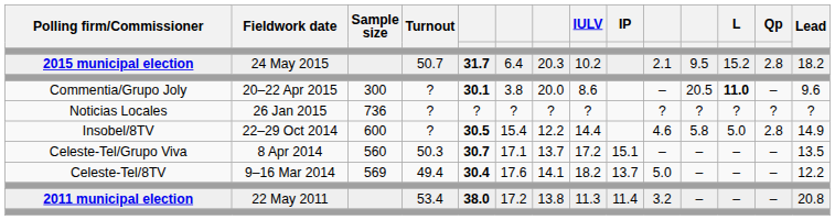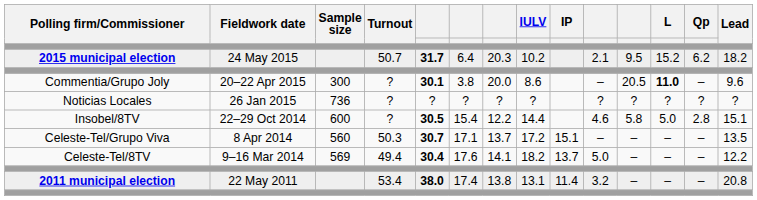 <table class="wikitable collapsible collapsed" style="text-align:center; font-size:95%; line-height:16px;">
 <tr style="height:42px;">
 <th style="width:250px;" rowspan="2">Polling firm/Commissioner</th>
 <th style="width:125px;" rowspan="2">Fieldwork date</th>
 <th style="width:50px;" rowspan="2">Sample size</th>
 <th style="width:45px;" rowspan="2">Turnout</th>
 <th style="width:35px;"></th>
 <th style="width:35px;"></th>
 <th style="width:35px;"></th>
 <th style="width:35px;"><a href='#'>IULV</a></th>
 <th style="width:35px;">IP</th>
 <th style="width:35px;"></th>
 <th style="width:35px;"></th>
 <th style="width:35px;">L</th>
 <th style="width:35px;">Qp</th>
 <th style="width:30px;" rowspan="2">Lead</th>
 </tr>
 <tr>
 <th style="color:inherit;background:"></th>
 <th style="color:inherit;background:"></th>
 <th style="color:inherit;background:"></th>
 <th style="color:inherit;background:"></th>
 <th style="color:inherit;background:"></th>
 <th style="color:inherit;background:"></th>
 <th style="color:inherit;background:"></th>
 <th style="color:inherit;background:"></th>
 <th style="color:inherit;background:"></th>
 </tr>
 <tr>
 <td colspan="14" style="background:#A0A0A0"></td>
 </tr>
 <tr style="background:#EFEFEF;">
 <td><strong><a href='#'>2015 municipal election</a></strong></td>
 <td>24 May 2015</td>
 <td></td>
 <td>50.7</td>
 <td><strong>31.7</strong><br></td>
 <td>6.4<br></td>
 <td>20.3<br></td>
 <td>10.2<br></td>
 <td></td>
 <td>2.1<br></td>
 <td>9.5<br></td>
 <td>15.2<br></td>
-<td>2.8<br></td>
+<td>6.2<br></td>
 <td style="background:">18.2</td>
 </tr>
 <tr>
 <td colspan="14" style="background:#A0A0A0"></td>
 </tr>
 <tr>
 <td>Commentia/Grupo Joly</td>
 <td>20–22 Apr 2015</td>
 <td>300</td>
 <td>?</td>
 <td><strong>30.1</strong><br></td>
 <td>3.8<br></td>
 <td>20.0<br></td>
 <td>8.6<br></td>
 <td></td>
 <td>–</td>
 <td>20.5<br></td>
 <td><strong>11.0<br></strong></td>
 <td>–</td>
 <td style="background:">9.6</td>
 </tr>
 <tr>
 <td>Noticias Locales</td>
 <td>26 Jan 2015</td>
 <td>736</td>
 <td>?</td>
 <td>?<br></td>
 <td>?<br></td>
 <td>?<br></td>
 <td>?<br></td>
 <td></td>
 <td>?<br></td>
 <td>?<br></td>
 <td>?<br></td>
 <td>?<br></td>
 <td style="background:">?</td>
 </tr>
 <tr>
 <td>Insobel/8TV</td>
 <td>22–29 Oct 2014</td>
 <td>600</td>
 <td>?</td>
 <td><strong>30.5</strong><br></td>
 <td>15.4<br></td>
 <td>12.2<br></td>
 <td>14.4<br></td>
 <td></td>
 <td>4.6<br></td>
 <td>5.8<br></td>
 <td>5.0<br></td>
 <td>2.8<br></td>
-<td style="background:">14.9</td>
+<td style="background:">15.1</td>
 </tr>
 <tr>
 <td>Celeste-Tel/Grupo Viva</td>
 <td>8 Apr 2014</td>
 <td>560</td>
 <td>50.3</td>
 <td><strong>30.7</strong><br></td>
 <td>17.1<br></td>
 <td>13.7<br></td>
 <td>17.2<br></td>
 <td>15.1<br></td>
 <td>–</td>
 <td>–</td>
 <td>–</td>
 <td>–</td>
 <td style="background:">13.5</td>
 </tr>
 <tr>
 <td>Celeste-Tel/8TV</td>
 <td>9–16 Mar 2014</td>
 <td>569</td>
 <td>49.4</td>
 <td><strong>30.4</strong><br></td>
 <td>17.6<br></td>
 <td>14.1<br></td>
 <td>18.2<br></td>
 <td>13.7<br></td>
 <td>5.0<br></td>
 <td>–</td>
 <td>–</td>
 <td>–</td>
 <td style="background:">12.2</td>
 </tr>
 <tr>
 <td colspan="14" style="background:#A0A0A0"></td>
 </tr>
 <tr style="background:#EFEFEF;">
 <td><strong><a href='#'>2011 municipal election</a></strong></td>
 <td>22 May 2011</td>
 <td></td>
 <td>53.4</td>
 <td><strong>38.0</strong><br></td>
-<td>17.2<br></td>
+<td>17.4<br></td>
 <td>13.8<br></td>
-<td>11.3<br></td>
+<td>13.1<br></td>
 <td>11.4<br></td>
 <td>3.2<br></td>
 <td>–</td>
 <td>–</td>
 <td>–</td>
 <td style="background:">20.8</td>
 </tr>
 <tr>
 <td colspan="14" style="background:#A0A0A0"></td>
 </tr>
 </table>
